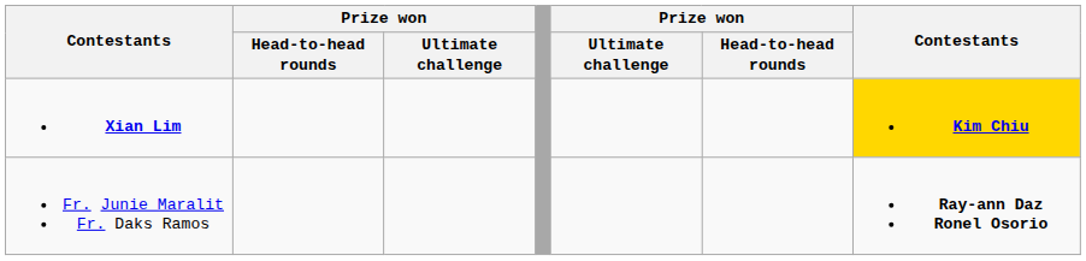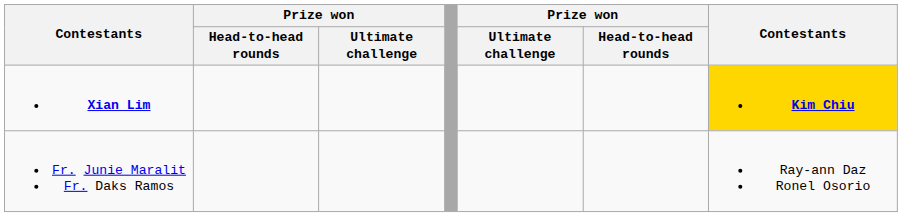 <table class="wikitable" style="text-align:center; line-height:16px; font-size:100%;" width="70%">
 <tr>
 <th rowspan="2" width="15%">Contestants</th>
 <th colspan="2" width="20%">Prize won</th>
 <th width="1%" rowspan="99" style="background:#A8A8A8;"></th>
 <th colspan="2" width="20%">Prize won</th>
 <th rowspan="2" width="15%">Contestants</th>
 </tr>
 <tr>
 <th width="10%">Head-to-head rounds</th>
 <th width="10%">Ultimate challenge</th>
 <th width="10%">Ultimate challenge</th>
 <th width="10%">Head-to-head rounds</th>
 </tr>
 <tr>
 <td><br><ul><li><strong><a href='#'>Xian Lim</a></strong></li></ul></td>
 <td></td>
 <td></td>
 <td></td>
 <td><strong></strong></td>
 <td style="background: gold;"><br><ul><li><strong><a href='#'>Kim Chiu</a></strong></li></ul></td>
 </tr>
 <tr>
 <td><br><ul><li><a href='#'>Fr.</a> <a href='#'>Junie Maralit</a></li><li><a href='#'>Fr.</a> Daks Ramos</li></ul></td>
 <td></td>
 <td></td>
 <td></td>
 <td><strong></strong></td>
-<td><strong><br><ul><li>Ray-ann Daz</li><li>Ronel Osorio</li></ul></strong></td>
+<td><br><ul><li>Ray-ann Daz</li><li>Ronel Osorio</li></ul></td>
 </tr>
 </table>
